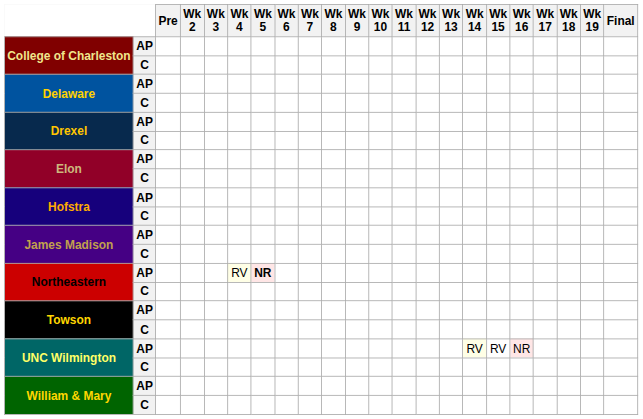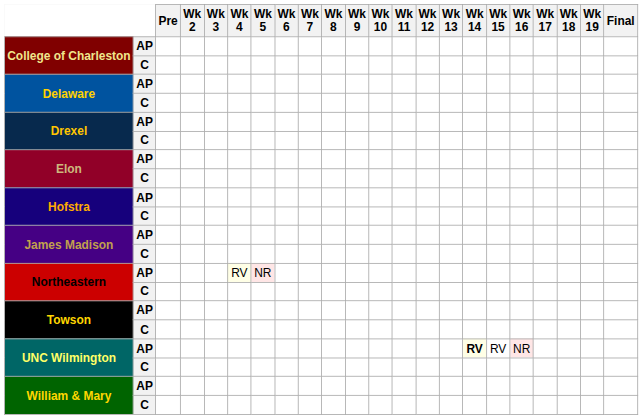 <table class="wikitable" style="white-space:nowrap;font-size:90%;">
 <tr>
 <th colspan=2 style="background:white; border-top-style:hidden; border-left-style:hidden;"> </th>
 <th>Pre</th>
 <th>Wk<br>2</th>
 <th>Wk<br>3</th>
 <th>Wk<br>4</th>
 <th>Wk<br>5</th>
 <th>Wk<br>6</th>
 <th>Wk<br>7</th>
 <th>Wk<br>8</th>
 <th>Wk<br>9</th>
 <th>Wk<br>10</th>
 <th>Wk<br>11</th>
 <th>Wk<br>12</th>
 <th>Wk<br>13</th>
 <th>Wk<br>14</th>
 <th>Wk<br>15</th>
 <th>Wk<br>16</th>
 <th>Wk<br>17</th>
 <th>Wk<br>18</th>
 <th>Wk<br>19</th>
 <th>Final</th>
 </tr>
 <tr style="text-align:center;">
 <th rowspan=2 style="background:#800000; color:#F0E68C;">College of Charleston</th>
 <th>AP</th>
 <td style="background:#FFF;"></td>
 <td style="background:#FFF;"></td>
 <td style="background:#FFF;"></td>
 <td style="background:#FFF;"></td>
 <td style="background:#FFF;"></td>
 <td style="background:#FFF;"></td>
 <td style="background:#FFF;"></td>
 <td style="background:#FFF;"></td>
 <td style="background:#FFF;"></td>
 <td style="background:#FFF;"></td>
 <td style="background:#FFF;"></td>
 <td style="background:#FFF;"></td>
 <td style="background:#FFF;"></td>
 <td style="background:#FFF;"></td>
 <td style="background:#FFF;"></td>
 <td style="background:#FFF;"></td>
 <td style="background:#FFF;"></td>
 <td style="background:#FFF;"></td>
 <td style="background:#FFF;"></td>
 <td style="background:#FFF;"></td>
 </tr>
 <tr style="text-align:center;">
 <th>C</th>
 <td style="background:#FFF;"></td>
 <td style="background:#FFF;"></td>
 <td style="background:#FFF;"></td>
 <td style="background:#FFF;"></td>
 <td style="background:#FFF;"></td>
 <td style="background:#FFF;"></td>
 <td style="background:#FFF;"></td>
 <td style="background:#FFF;"></td>
 <td style="background:#FFF;"></td>
 <td style="background:#FFF;"></td>
 <td style="background:#FFF;"></td>
 <td style="background:#FFF;"></td>
 <td style="background:#FFF;"></td>
 <td style="background:#FFF;"></td>
 <td style="background:#FFF;"></td>
 <td style="background:#FFF;"></td>
 <td style="background:#FFF;"></td>
 <td style="background:#FFF;"></td>
 <td style="background:#FFF;"></td>
 <td style="background:#FFF;"></td>
 </tr>
 <tr style="text-align:center;">
 <th rowspan=2 style="background:#00539f; color:#FFD200;">Delaware</th>
 <th>AP</th>
 <td style="background:#FFF;"></td>
 <td style="background:#FFF;"></td>
 <td style="background:#FFF;"></td>
 <td style="background:#FFF;"></td>
 <td style="background:#FFF;"></td>
 <td style="background:#FFF;"></td>
 <td style="background:#FFF;"></td>
 <td style="background:#FFF;"></td>
 <td style="background:#FFF;"></td>
 <td style="background:#FFF;"></td>
 <td style="background:#FFF;"></td>
 <td style="background:#FFF;"></td>
 <td style="background:#FFF;"></td>
 <td style="background:#FFF;"></td>
 <td style="background:#FFF;"></td>
 <td style="background:#FFF;"></td>
 <td style="background:#FFF;"></td>
 <td style="background:#FFF;"></td>
 <td style="background:#FFF;"></td>
 <td style="background:#FFF;"></td>
 </tr>
 <tr style="text-align:center;">
 <th>C</th>
 <td style="background:#FFF;"></td>
 <td style="background:#FFF;"></td>
 <td style="background:#FFF;"></td>
 <td style="background:#FFF;"></td>
 <td style="background:#FFF;"></td>
 <td style="background:#FFF;"></td>
 <td style="background:#FFF;"></td>
 <td style="background:#FFF;"></td>
 <td style="background:#FFF;"></td>
 <td style="background:#FFF;"></td>
 <td style="background:#FFF;"></td>
 <td style="background:#FFF;"></td>
 <td style="background:#FFF;"></td>
 <td style="background:#FFF;"></td>
 <td style="background:#FFF;"></td>
 <td style="background:#FFF;"></td>
 <td style="background:#FFF;"></td>
 <td style="background:#FFF;"></td>
 <td style="background:#FFF;"></td>
 <td style="background:#FFF;"></td>
 </tr>
 <tr style="text-align:center;">
 <th rowspan=2 style="background:#07294D; color:#FFC600;">Drexel</th>
 <th>AP</th>
 <td style="background:#FFF;"></td>
 <td style="background:#FFF;"></td>
 <td style="background:#FFF;"></td>
 <td style="background:#FFF;"></td>
 <td style="background:#FFF;"></td>
 <td style="background:#FFF;"></td>
 <td style="background:#FFF;"></td>
 <td style="background:#FFF;"></td>
 <td style="background:#FFF;"></td>
 <td style="background:#FFF;"></td>
 <td style="background:#FFF;"></td>
 <td style="background:#FFF;"></td>
 <td style="background:#FFF;"></td>
 <td style="background:#FFF;"></td>
 <td style="background:#FFF;"></td>
 <td style="background:#FFF;"></td>
 <td style="background:#FFF;"></td>
 <td style="background:#FFF;"></td>
 <td style="background:#FFF;"></td>
 <td style="background:#FFF;"></td>
 </tr>
 <tr style="text-align:center;">
 <th>C</th>
 <td style="background:#FFF;"></td>
 <td style="background:#FFF;"></td>
 <td style="background:#FFF;"></td>
 <td style="background:#FFF;"></td>
 <td style="background:#FFF;"></td>
 <td style="background:#FFF;"></td>
 <td style="background:#FFF;"></td>
 <td style="background:#FFF;"></td>
 <td style="background:#FFF;"></td>
 <td style="background:#FFF;"></td>
 <td style="background:#FFF;"></td>
 <td style="background:#FFF;"></td>
 <td style="background:#FFF;"></td>
 <td style="background:#FFF;"></td>
 <td style="background:#FFF;"></td>
 <td style="background:#FFF;"></td>
 <td style="background:#FFF;"></td>
 <td style="background:#FFF;"></td>
 <td style="background:#FFF;"></td>
 <td style="background:#FFF;"></td>
 </tr>
 <tr style="text-align:center;">
 <th rowspan=2 style="background:#910028; color:#CDB87D;">Elon</th>
 <th>AP</th>
 <td style="background:#FFF;"></td>
 <td style="background:#FFF;"></td>
 <td style="background:#FFF;"></td>
 <td style="background:#FFF;"></td>
 <td style="background:#FFF;"></td>
 <td style="background:#FFF;"></td>
 <td style="background:#FFF;"></td>
 <td style="background:#FFF;"></td>
 <td style="background:#FFF;"></td>
 <td style="background:#FFF;"></td>
 <td style="background:#FFF;"></td>
 <td style="background:#FFF;"></td>
 <td style="background:#FFF;"></td>
 <td style="background:#FFF;"></td>
 <td style="background:#FFF;"></td>
 <td style="background:#FFF;"></td>
 <td style="background:#FFF;"></td>
 <td style="background:#FFF;"></td>
 <td style="background:#FFF;"></td>
 <td style="background:#FFF;"></td>
 </tr>
 <tr style="text-align:center;">
 <th>C</th>
 <td style="background:#FFF;"></td>
 <td style="background:#FFF;"></td>
 <td style="background:#FFF;"></td>
 <td style="background:#FFF;"></td>
 <td style="background:#FFF;"></td>
 <td style="background:#FFF;"></td>
 <td style="background:#FFF;"></td>
 <td style="background:#FFF;"></td>
 <td style="background:#FFF;"></td>
 <td style="background:#FFF;"></td>
 <td style="background:#FFF;"></td>
 <td style="background:#FFF;"></td>
 <td style="background:#FFF;"></td>
 <td style="background:#FFF;"></td>
 <td style="background:#FFF;"></td>
 <td style="background:#FFF;"></td>
 <td style="background:#FFF;"></td>
 <td style="background:#FFF;"></td>
 <td style="background:#FFF;"></td>
 <td style="background:#FFF;"></td>
 </tr>
 <tr style="text-align:center;">
 <th rowspan=2 style="background:#16007C; color:#FFAD00;">Hofstra</th>
 <th>AP</th>
 <td style="background:#FFF;"></td>
 <td style="background:#FFF;"></td>
 <td style="background:#FFF;"></td>
 <td style="background:#FFF;"></td>
 <td style="background:#FFF;"></td>
 <td style="background:#FFF;"></td>
 <td style="background:#FFF;"></td>
 <td style="background:#FFF;"></td>
 <td style="background:#FFF;"></td>
 <td style="background:#FFF;"></td>
 <td style="background:#FFF;"></td>
 <td style="background:#FFF;"></td>
 <td style="background:#FFF;"></td>
 <td style="background:#FFF;"></td>
 <td style="background:#FFF;"></td>
 <td style="background:#FFF;"></td>
 <td style="background:#FFF;"></td>
 <td style="background:#FFF;"></td>
 <td style="background:#FFF;"></td>
 <td style="background:#FFF;"></td>
 </tr>
 <tr style="text-align:center;">
 <th>C</th>
 <td style="background:#FFF;"></td>
 <td style="background:#FFF;"></td>
 <td style="background:#FFF;"></td>
 <td style="background:#FFF;"></td>
 <td style="background:#FFF;"></td>
 <td style="background:#FFF;"></td>
 <td style="background:#FFF;"></td>
 <td style="background:#FFF;"></td>
 <td style="background:#FFF;"></td>
 <td style="background:#FFF;"></td>
 <td style="background:#FFF;"></td>
 <td style="background:#FFF;"></td>
 <td style="background:#FFF;"></td>
 <td style="background:#FFF;"></td>
 <td style="background:#FFF;"></td>
 <td style="background:#FFF;"></td>
 <td style="background:#FFF;"></td>
 <td style="background:#FFF;"></td>
 <td style="background:#FFF;"></td>
 <td style="background:#FFF;"></td>
 </tr>
 <tr style="text-align:center;">
 <th rowspan=2 style="background:#450084; color:#C2A14D;">James Madison</th>
 <th>AP</th>
 <td style="background:#FFF;"></td>
 <td style="background:#FFF;"></td>
 <td style="background:#FFF;"></td>
 <td style="background:#FFF;"></td>
 <td style="background:#FFF;"></td>
 <td style="background:#FFF;"></td>
 <td style="background:#FFF;"></td>
 <td style="background:#FFF;"></td>
 <td style="background:#FFF;"></td>
 <td style="background:#FFF;"></td>
 <td style="background:#FFF;"></td>
 <td style="background:#FFF;"></td>
 <td style="background:#FFF;"></td>
 <td style="background:#FFF;"></td>
 <td style="background:#FFF;"></td>
 <td style="background:#FFF;"></td>
 <td style="background:#FFF;"></td>
 <td style="background:#FFF;"></td>
 <td style="background:#FFF;"></td>
 <td style="background:#FFF;"></td>
 </tr>
 <tr style="text-align:center;">
 <th>C</th>
 <td style="background:#FFF;"></td>
 <td style="background:#FFF;"></td>
 <td style="background:#FFF;"></td>
 <td style="background:#FFF;"></td>
 <td style="background:#FFF;"></td>
 <td style="background:#FFF;"></td>
 <td style="background:#FFF;"></td>
 <td style="background:#FFF;"></td>
 <td style="background:#FFF;"></td>
 <td style="background:#FFF;"></td>
 <td style="background:#FFF;"></td>
 <td style="background:#FFF;"></td>
 <td style="background:#FFF;"></td>
 <td style="background:#FFF;"></td>
 <td style="background:#FFF;"></td>
 <td style="background:#FFF;"></td>
 <td style="background:#FFF;"></td>
 <td style="background:#FFF;"></td>
 <td style="background:#FFF;"></td>
 <td style="background:#FFF;"></td>
 </tr>
 <tr style="text-align:center;">
 <th rowspan=2 style="background:#CC0000; color:#000000;">Northeastern</th>
 <th>AP</th>
 <td style="background:#FFF;"></td>
 <td style="background:#FFF;"></td>
 <td style="background:#FFF;"></td>
 <td style="background:#FFFFE6;">RV</td>
-<td style="background:#FFE6E6;"><strong>NR</strong></td>
+<td style="background:#FFE6E6;">NR</td>
 <td style="background:#FFF;"></td>
 <td style="background:#FFF;"></td>
 <td style="background:#FFF;"></td>
 <td style="background:#FFF;"></td>
 <td style="background:#FFF;"></td>
 <td style="background:#FFF;"></td>
 <td style="background:#FFF;"></td>
 <td style="background:#FFF;"></td>
 <td style="background:#FFF;"></td>
 <td style="background:#FFF;"></td>
 <td style="background:#FFF;"></td>
 <td style="background:#FFF;"></td>
 <td style="background:#FFF;"></td>
 <td style="background:#FFF;"></td>
 <td style="background:#FFF;"></td>
 </tr>
 <tr style="text-align:center;">
 <th>C</th>
 <td style="background:#FFF;"></td>
 <td style="background:#FFF;"></td>
 <td style="background:#FFF;"></td>
 <td style="background:#FFF;"></td>
 <td style="background:#FFF;"></td>
 <td style="background:#FFF;"></td>
 <td style="background:#FFF;"></td>
 <td style="background:#FFF;"></td>
 <td style="background:#FFF;"></td>
 <td style="background:#FFF;"></td>
 <td style="background:#FFF;"></td>
 <td style="background:#FFF;"></td>
 <td style="background:#FFF;"></td>
 <td style="background:#FFF;"></td>
 <td style="background:#FFF;"></td>
 <td style="background:#FFF;"></td>
 <td style="background:#FFF;"></td>
 <td style="background:#FFF;"></td>
 <td style="background:#FFF;"></td>
 <td style="background:#FFF;"></td>
 </tr>
 <tr style="text-align:center;">
 <th rowspan=2 style="background:#000000; color:#FFD600;">Towson</th>
 <th>AP</th>
 <td style="background:#FFF;"></td>
 <td style="background:#FFF;"></td>
 <td style="background:#FFF;"></td>
 <td style="background:#FFF;"></td>
 <td style="background:#FFF;"></td>
 <td style="background:#FFF;"></td>
 <td style="background:#FFF;"></td>
 <td style="background:#FFF;"></td>
 <td style="background:#FFF;"></td>
 <td style="background:#FFF;"></td>
 <td style="background:#FFF;"></td>
 <td style="background:#FFF;"></td>
 <td style="background:#FFF;"></td>
 <td style="background:#FFF;"></td>
 <td style="background:#FFF;"></td>
 <td style="background:#FFF;"></td>
 <td style="background:#FFF;"></td>
 <td style="background:#FFF;"></td>
 <td style="background:#FFF;"></td>
 <td style="background:#FFF;"></td>
 </tr>
 <tr style="text-align:center;">
 <th>C</th>
 <td style="background:#FFF;"></td>
 <td style="background:#FFF;"></td>
 <td style="background:#FFF;"></td>
 <td style="background:#FFF;"></td>
 <td style="background:#FFF;"></td>
 <td style="background:#FFF;"></td>
 <td style="background:#FFF;"></td>
 <td style="background:#FFF;"></td>
 <td style="background:#FFF;"></td>
 <td style="background:#FFF;"></td>
 <td style="background:#FFF;"></td>
 <td style="background:#FFF;"></td>
 <td style="background:#FFF;"></td>
 <td style="background:#FFF;"></td>
 <td style="background:#FFF;"></td>
 <td style="background:#FFF;"></td>
 <td style="background:#FFF;"></td>
 <td style="background:#FFF;"></td>
 <td style="background:#FFF;"></td>
 <td style="background:#FFF;"></td>
 </tr>
 <tr style="text-align:center;">
 <th rowspan=2 style="background:#006666; color:#FFFF66;">UNC Wilmington</th>
 <th>AP</th>
 <td style="background:#FFF;"></td>
 <td style="background:#FFF;"></td>
 <td style="background:#FFF;"></td>
 <td style="background:#FFF;"></td>
 <td style="background:#FFF;"></td>
 <td style="background:#FFF;"></td>
 <td style="background:#FFF;"></td>
 <td style="background:#FFF;"></td>
 <td style="background:#FFF;"></td>
 <td style="background:#FFF;"></td>
 <td style="background:#FFF;"></td>
 <td style="background:#FFF;"></td>
 <td style="background:#FFF;"></td>
-<td style="background:#FFFFE6;">RV</td>
+<td style="background:#FFFFE6;"><strong>RV</strong></td>
 <td style="background:#FFF;">RV</td>
 <td style="background:#FFE6E6;">NR</td>
 <td style="background:#FFF;"></td>
 <td style="background:#FFF;"></td>
 <td style="background:#FFF;"></td>
 <td style="background:#FFF;"></td>
 </tr>
 <tr style="text-align:center;">
 <th>C</th>
 <td style="background:#FFF;"></td>
 <td style="background:#FFF;"></td>
 <td style="background:#FFF;"></td>
 <td style="background:#FFF;"></td>
 <td style="background:#FFF;"></td>
 <td style="background:#FFF;"></td>
 <td style="background:#FFF;"></td>
 <td style="background:#FFF;"></td>
 <td style="background:#FFF;"></td>
 <td style="background:#FFF;"></td>
 <td style="background:#FFF;"></td>
 <td style="background:#FFF;"></td>
 <td style="background:#FFF;"></td>
 <td style="background:#FFF;"></td>
 <td style="background:#FFF;"></td>
 <td style="background:#FFF;"></td>
 <td style="background:#FFF;"></td>
 <td style="background:#FFF;"></td>
 <td style="background:#FFF;"></td>
 <td style="background:#FFF;"></td>
 </tr>
 <tr style="text-align:center;">
 <th rowspan=2 style="background:#006400; color:#FFD700;">William & Mary</th>
 <th>AP</th>
 <td style="background:#FFF;"></td>
 <td style="background:#FFF;"></td>
 <td style="background:#FFF;"></td>
 <td style="background:#FFF;"></td>
 <td style="background:#FFF;"></td>
 <td style="background:#FFF;"></td>
 <td style="background:#FFF;"></td>
 <td style="background:#FFF;"></td>
 <td style="background:#FFF;"></td>
 <td style="background:#FFF;"></td>
 <td style="background:#FFF;"></td>
 <td style="background:#FFF;"></td>
 <td style="background:#FFF;"></td>
 <td style="background:#FFF;"></td>
 <td style="background:#FFF;"></td>
 <td style="background:#FFF;"></td>
 <td style="background:#FFF;"></td>
 <td style="background:#FFF;"></td>
 <td style="background:#FFF;"></td>
 <td style="background:#FFF;"></td>
 </tr>
 <tr style="text-align:center;">
 <th>C</th>
 <td style="background:#FFF;"></td>
 <td style="background:#FFF;"></td>
 <td style="background:#FFF;"></td>
 <td style="background:#FFF;"></td>
 <td style="background:#FFF;"></td>
 <td style="background:#FFF;"></td>
 <td style="background:#FFF;"></td>
 <td style="background:#FFF;"></td>
 <td style="background:#FFF;"></td>
 <td style="background:#FFF;"></td>
 <td style="background:#FFF;"></td>
 <td style="background:#FFF;"></td>
 <td style="background:#FFF;"></td>
 <td style="background:#FFF;"></td>
 <td style="background:#FFF;"></td>
 <td style="background:#FFF;"></td>
 <td style="background:#FFF;"></td>
 <td style="background:#FFF;"></td>
 <td style="background:#FFF;"></td>
 <td style="background:#FFF;"></td>
 </tr>
 </table>
